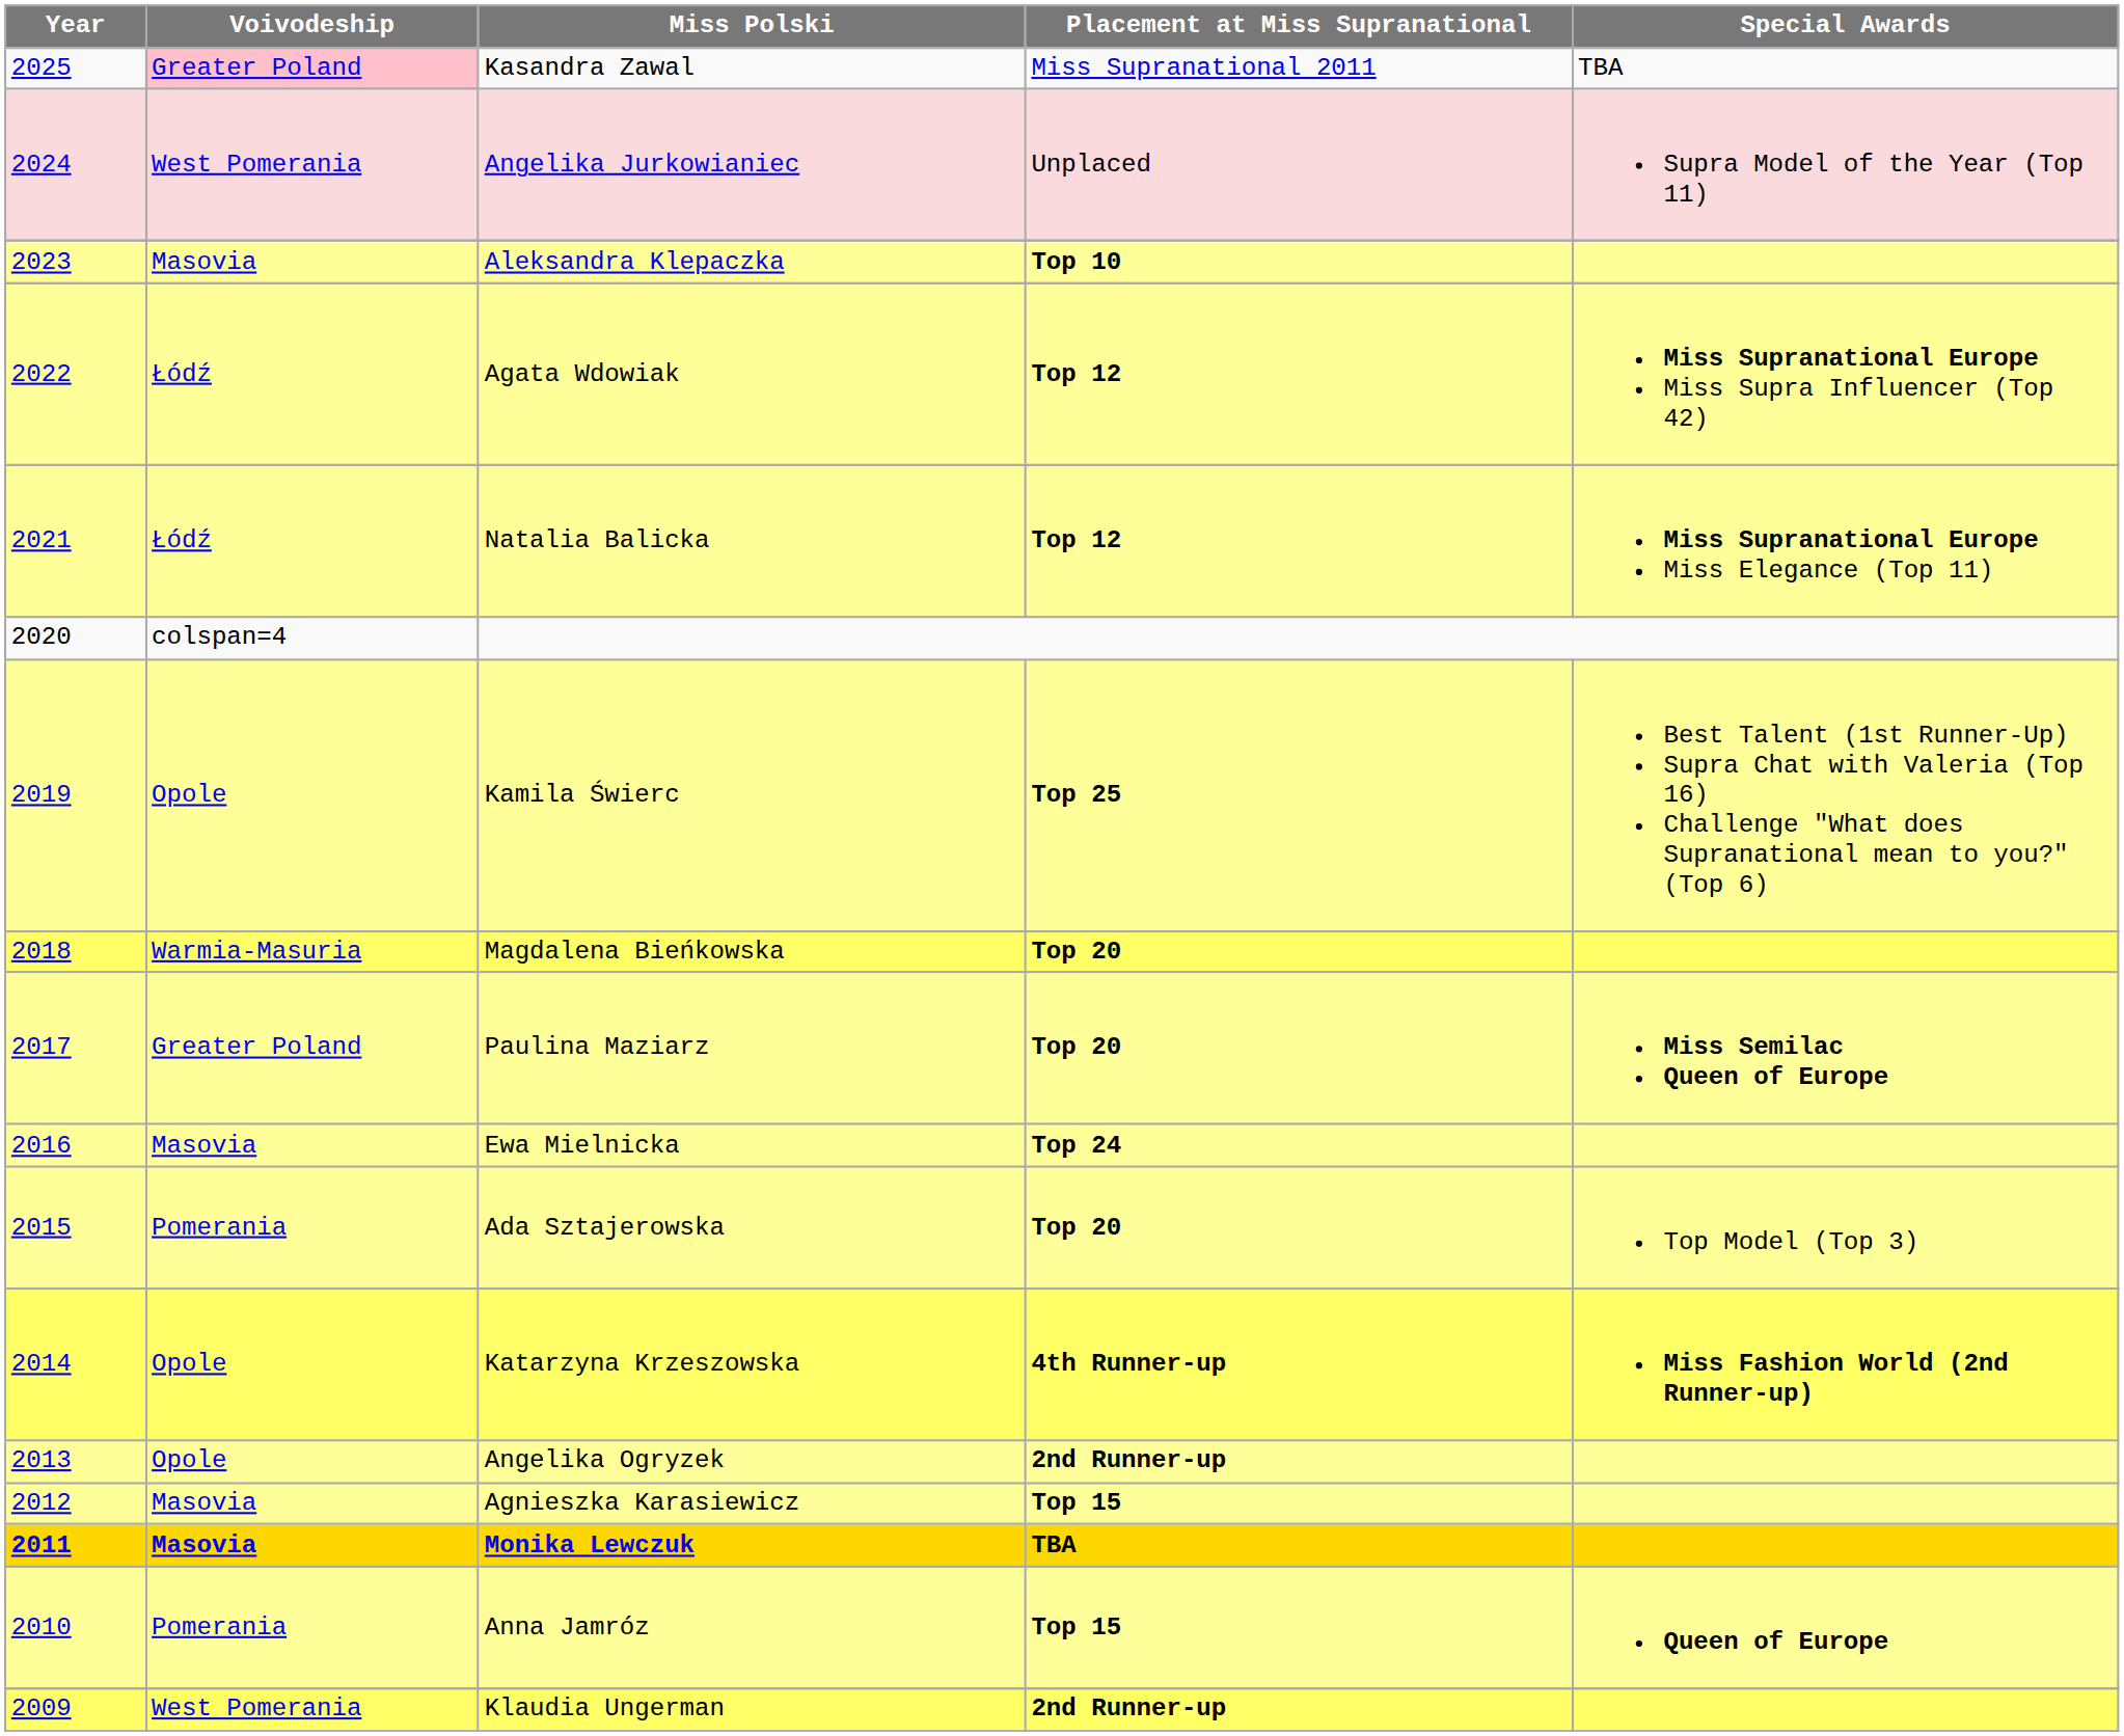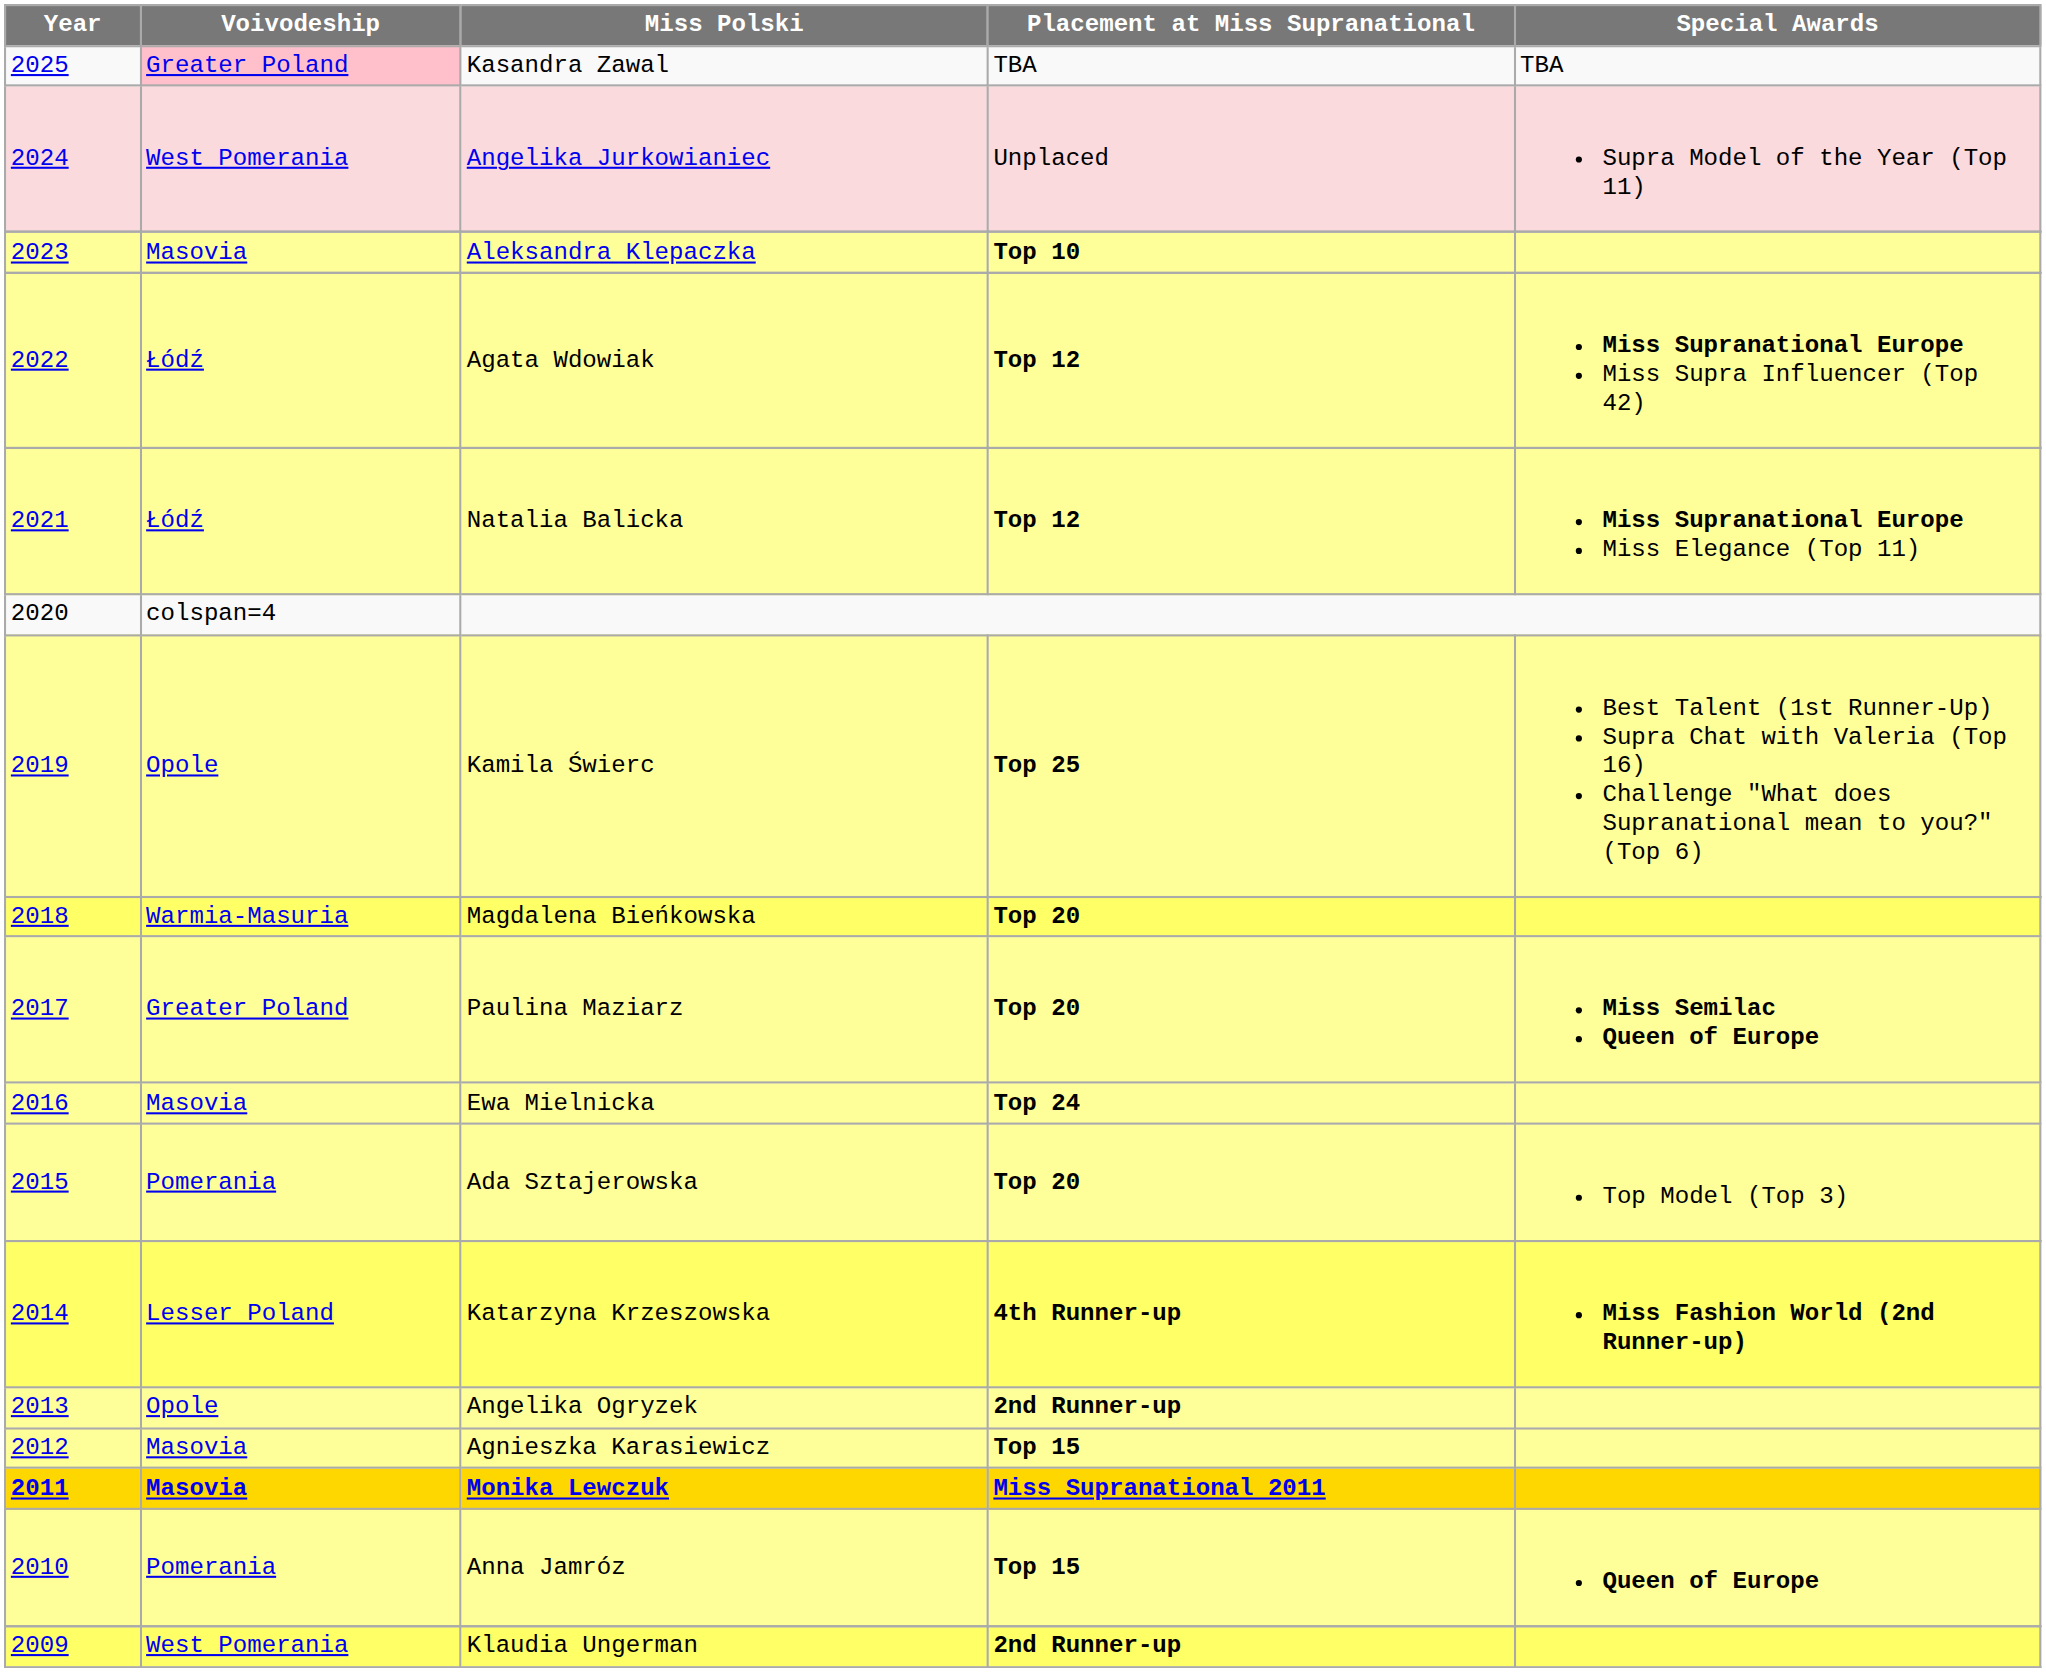 <table class="wikitable " style="font-size: 90%;">
 <tr>
 <th width="60" style="background-color:#787878;color:#FFFFFF;">Year</th>
 <th width="150" style="background-color:#787878;color:#FFFFFF;">Voivodeship</th>
 <th width="250" style="background-color:#787878;color:#FFFFFF;">Miss Polski</th>
 <th width="250" style="background-color:#787878;color:#FFFFFF;">Placement at Miss Supranational</th>
 <th width="250" style="background-color:#787878;color:#FFFFFF;">Special Awards</th>
 </tr>
 <tr>
 <td><a href='#'>2025</a></td>
 <td style="background: pink;"><a href='#'>Greater Poland</a></td>
 <td>Kasandra Zawal</td>
-<td><a href='#'>Miss Supranational 2011</a></td>
+<td>TBA</td>
 <td>TBA</td>
 </tr>
 <tr style="background-color:#FADADD;">
 <td><a href='#'>2024</a></td>
 <td><a href='#'>West Pomerania</a></td>
 <td><a href='#'>Angelika Jurkowianiec</a></td>
 <td>Unplaced</td>
 <td align="left"><br><ul><li>Supra Model of the Year (Top 11)</li></ul></td>
 </tr>
 <tr>
 </tr>
 <tr style="background-color:#FFFF99;">
 <td><a href='#'>2023</a></td>
 <td><a href='#'>Masovia</a></td>
 <td><a href='#'>Aleksandra Klepaczka</a></td>
 <td><strong>Top 10</strong></td>
 <td></td>
 </tr>
 <tr>
 </tr>
 <tr style="background-color:#FFFF99;">
 <td><a href='#'>2022</a></td>
 <td><a href='#'>Łódź</a></td>
 <td>Agata Wdowiak</td>
 <td><strong>Top 12</strong></td>
 <td align="left"><br><ul><li><strong>Miss Supranational Europe</strong></li><li>Miss Supra Influencer (Top 42)</li></ul></td>
 </tr>
 <tr>
 </tr>
 <tr style="background-color:#FFFF99;">
 <td><a href='#'>2021</a></td>
 <td><a href='#'>Łódź</a></td>
 <td>Natalia Balicka</td>
 <td><strong>Top 12</strong></td>
 <td align="left"><br><ul><li><strong>Miss Supranational Europe</strong></li><li>Miss Elegance (Top 11)</li></ul></td>
 </tr>
 <tr>
 <td>2020</td>
 <td>colspan=4 </td>
 </tr>
 <tr style="background-color:#FFFF99;">
 <td><a href='#'>2019</a></td>
 <td><a href='#'>Opole</a></td>
 <td>Kamila Świerc</td>
 <td><strong>Top 25</strong></td>
 <td align="left"><br><ul><li>Best Talent (1st Runner-Up)</li><li>Supra Chat with Valeria (Top 16)</li><li>Challenge "What does Supranational mean to you?" (Top 6)</li></ul></td>
 </tr>
 <tr>
 </tr>
 <tr>
 </tr>
 <tr style="background-color:#FFFF66;">
 <td><a href='#'>2018</a></td>
 <td><a href='#'>Warmia-Masuria</a></td>
 <td>Magdalena Bieńkowska</td>
 <td><strong>Top 20</strong></td>
 <td></td>
 </tr>
 <tr style="background-color:#FFFF99;">
 <td><a href='#'>2017</a></td>
 <td><a href='#'>Greater Poland</a></td>
 <td>Paulina Maziarz</td>
 <td><strong>Top 20</strong></td>
 <td align="left"><br><ul><li><strong>Miss Semilac</strong></li><li><strong>Queen of Europe</strong></li></ul></td>
 </tr>
 <tr style="background-color:#FFFF99;">
 <td><a href='#'>2016</a></td>
 <td><a href='#'>Masovia</a></td>
 <td>Ewa Mielnicka</td>
 <td><strong>Top 24</strong></td>
 <td></td>
 </tr>
 <tr style="background-color:#FFFF99;">
 <td><a href='#'>2015</a></td>
 <td><a href='#'>Pomerania</a></td>
 <td>Ada Sztajerowska</td>
 <td><strong>Top 20</strong></td>
 <td align="left"><br><ul><li>Top Model (Top 3)</li></ul></td>
 </tr>
 <tr>
 </tr>
 <tr style="background-color:#FFFF66;">
 <td><a href='#'>2014</a></td>
-<td><a href='#'>Opole</a></td>
+<td><a href='#'>Lesser Poland</a></td>
 <td>Katarzyna Krzeszowska</td>
 <td><strong>4th Runner-up</strong></td>
 <td align="left"><strong><br><ul><li>Miss Fashion World (2nd Runner-up)</li></ul></strong></td>
 </tr>
 <tr style="background-color:#FFFF99;">
 <td><a href='#'>2013</a></td>
 <td><a href='#'>Opole</a></td>
 <td>Angelika Ogryzek</td>
 <td><strong>2nd Runner-up</strong></td>
 <td></td>
 </tr>
 <tr style="background-color:#FFFF99;">
 <td><a href='#'>2012</a></td>
 <td><a href='#'>Masovia</a></td>
 <td>Agnieszka Karasiewicz</td>
 <td><strong>Top 15</strong></td>
 <td></td>
 </tr>
 <tr style="background-color:gold; font-weight: bold">
 <td><a href='#'>2011</a></td>
 <td><a href='#'>Masovia</a></td>
 <td><a href='#'>Monika Lewczuk</a></td>
-<td>TBA</td>
+<td><a href='#'>Miss Supranational 2011</a></td>
 <td></td>
 </tr>
 <tr style="background-color:#FFFF99;">
 <td><a href='#'>2010</a></td>
 <td><a href='#'>Pomerania</a></td>
 <td>Anna Jamróz</td>
 <td><strong>Top 15</strong></td>
 <td align="left"><br><ul><li><strong>Queen of Europe</strong></li></ul></td>
 </tr>
 <tr>
 </tr>
 <tr style="background-color:#FFFF66;">
 <td><a href='#'>2009</a></td>
 <td><a href='#'>West Pomerania</a></td>
 <td>Klaudia Ungerman</td>
 <td><strong>2nd Runner-up</strong></td>
 <td></td>
 </tr>
 <tr>
 </tr>
 </table>
